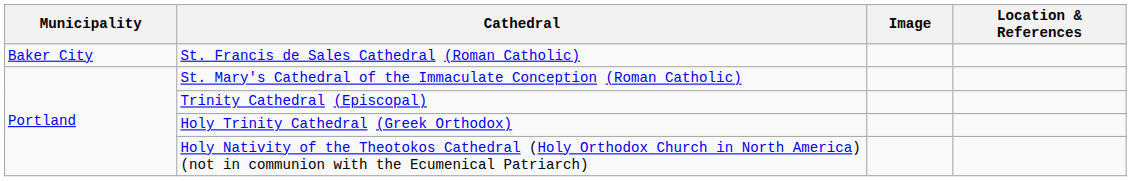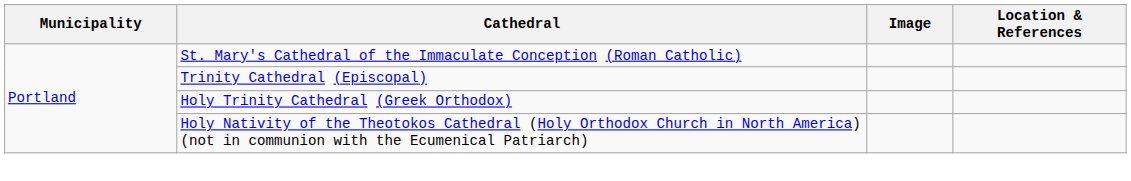 <table width=65% class="wikitable">
 <tr>
 <th width = 10%>Municipality</th>
 <th width = 40%>Cathedral</th>
 <th width = 5%>Image</th>
 <th width = 10%>Location & References</th>
-</tr>
-<tr>
-<td><a href='#'>Baker City</a></td>
-<td><a href='#'>St. Francis de Sales Cathedral</a> <a href='#'>(Roman Catholic)</a></td>
-<td></td>
-<td><small></small><br></td>
 </tr>
 <tr>
 <td rowspan=4><a href='#'>Portland</a></td>
 <td><a href='#'>St. Mary's Cathedral of the Immaculate Conception</a> <a href='#'>(Roman Catholic)</a></td>
 <td></td>
 <td><small></small><br></td>
 </tr>
 <tr>
 <td><a href='#'>Trinity Cathedral</a> <a href='#'>(Episcopal)</a></td>
 <td></td>
 <td><small></small><br></td>
 </tr>
 <tr>
 <td><a href='#'>Holy Trinity Cathedral</a> <a href='#'>(Greek Orthodox)</a></td>
 <td></td>
 <td><small></small><br></td>
 </tr>
 <tr>
 <td><a href='#'>Holy Nativity of the Theotokos Cathedral</a> (<a href='#'>Holy Orthodox Church in North America</a>) (not in communion with the Ecumenical Patriarch)</td>
 <td></td>
 <td><small></small><br></td>
 </tr>
 </table>
